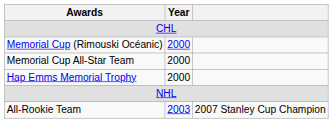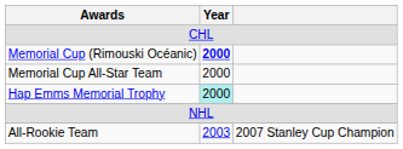 <table class="wikitable">
 <tr>
 <th>Awards</th>
 <th>Year</th>
 <th></th>
 </tr>
 <tr ALIGN="center" bgcolor="#e0e0e0">
 <td colspan="3"><a href='#'>CHL</a></td>
 </tr>
 <tr>
 <td><a href='#'>Memorial Cup</a> (Rimouski Océanic)</td>
-<td><a href='#'>2000</a></td>
+<td><strong><a href='#'>2000</a></strong></td>
 <td></td>
 </tr>
 <tr>
 <td>Memorial Cup All-Star Team</td>
 <td>2000</td>
 <td></td>
 </tr>
 <tr>
 <td><a href='#'>Hap Emms Memorial Trophy</a></td>
-<td>2000</td>
+<td style="background: paleturquoise;">2000</td>
 <td></td>
 </tr>
 <tr ALIGN="center" bgcolor="#e0e0e0">
 <td colspan="3"><a href='#'>NHL</a></td>
 </tr>
 <tr>
 <td>All-Rookie Team</td>
 <td><a href='#'>2003</a></td>
 <td>2007 Stanley Cup Champion</td>
 </tr>
 </table>
